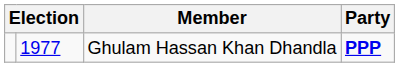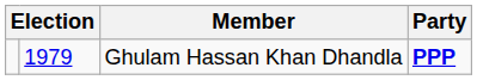 <table class="wikitable">
 <tr>
 <th colspan="2">Election</th>
 <th>Member</th>
 <th>Party</th>
 </tr>
 <tr>
 <td style="background-color: "></td>
-<td><a href='#'>1977</a></td>
+<td><a href='#'>1979</a></td>
 <td>Ghulam Hassan Khan Dhandla</td>
 <td><strong><a href='#'>PPP</a></strong></td>
 </tr>
 </table>
